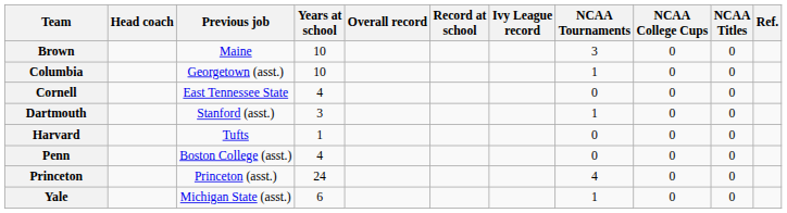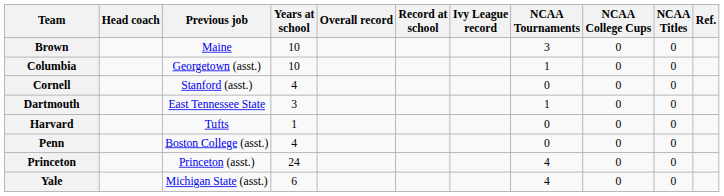 <table class="wikitable sortable" style="text-align: center;font-size:90%;">
 <tr>
 <th width="110">Team</th>
 <th>Head coach</th>
 <th>Previous job</th>
 <th>Years at<br>school</th>
 <th>Overall record</th>
 <th>Record at<br>school</th>
 <th>Ivy League<br>record</th>
 <th>NCAA<br>Tournaments</th>
 <th>NCAA<br>College Cups</th>
 <th>NCAA<br>Titles</th>
 <th class="unsortable">Ref.</th>
 </tr>
 <tr>
 <th>Brown</th>
 <td></td>
 <td><a href='#'>Maine</a></td>
 <td>10</td>
 <td></td>
 <td></td>
 <td></td>
 <td>3</td>
 <td>0</td>
 <td>0</td>
 <td></td>
 </tr>
 <tr>
 <th>Columbia</th>
 <td></td>
 <td><a href='#'>Georgetown</a> (asst.)</td>
 <td>10</td>
 <td></td>
 <td></td>
 <td></td>
 <td>1</td>
 <td>0</td>
 <td>0</td>
 <td></td>
 </tr>
 <tr>
 <th>Cornell</th>
 <td></td>
-<td><a href='#'>East Tennessee State</a></td>
+<td><a href='#'>Stanford</a> (asst.)</td>
 <td>4</td>
 <td></td>
 <td></td>
 <td></td>
 <td>0</td>
 <td>0</td>
 <td>0</td>
 <td></td>
 </tr>
 <tr>
 <th>Dartmouth</th>
 <td></td>
-<td><a href='#'>Stanford</a> (asst.)</td>
+<td><a href='#'>East Tennessee State</a></td>
 <td>3</td>
 <td></td>
 <td></td>
 <td></td>
 <td>1</td>
 <td>0</td>
 <td>0</td>
 <td></td>
 </tr>
 <tr>
 <th>Harvard</th>
 <td></td>
 <td><a href='#'>Tufts</a></td>
 <td>1</td>
 <td></td>
 <td></td>
 <td></td>
 <td>0</td>
 <td>0</td>
 <td>0</td>
 <td></td>
 </tr>
 <tr>
 <th>Penn</th>
 <td></td>
 <td><a href='#'>Boston College</a> (asst.)</td>
 <td>4</td>
 <td></td>
 <td></td>
 <td></td>
 <td>0</td>
 <td>0</td>
 <td>0</td>
 <td></td>
 </tr>
 <tr>
 <th>Princeton</th>
 <td></td>
 <td><a href='#'>Princeton</a> (asst.)</td>
 <td>24</td>
 <td></td>
 <td></td>
 <td></td>
 <td>4</td>
 <td>0</td>
 <td>0</td>
 <td></td>
 </tr>
 <tr>
 <th>Yale</th>
 <td></td>
 <td><a href='#'>Michigan State</a> (asst.)</td>
 <td>6</td>
 <td></td>
 <td></td>
 <td></td>
-<td>1</td>
+<td>4</td>
 <td>0</td>
 <td>0</td>
 <td></td>
 </tr>
 </table>
